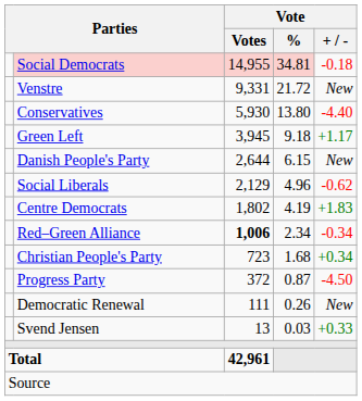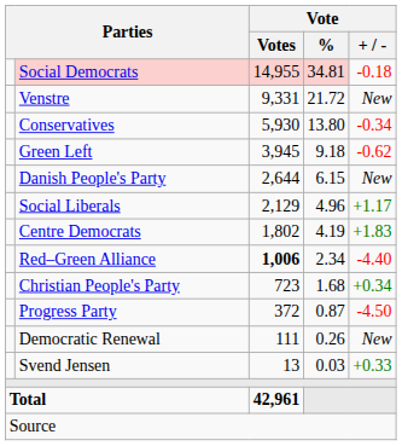 <table class="wikitable" style="text-align:right;">
 <tr>
 <th style="text-align:centre;" rowspan="2" colspan="2" width="225">Parties</th>
 <th colspan="3">Vote</th>
 </tr>
 <tr>
 <th width="15">Votes</th>
 <th width="15">%</th>
 <th width="15">+ / -</th>
 </tr>
 <tr>
 <td width="2" style="color:inherit;background:"></td>
 <td bgcolor=#fbd0ce  align="left"><a href='#'>Social Democrats</a></td>
 <td bgcolor=#fbd0ce>14,955</td>
 <td bgcolor=#fbd0ce>34.81</td>
 <td style=color:red;>-0.18</td>
 </tr>
 <tr>
 <td width="2" style="color:inherit;background:"></td>
 <td align="left"><a href='#'>Venstre</a></td>
 <td>9,331</td>
 <td>21.72</td>
 <td><em>New</em></td>
 </tr>
 <tr>
 <td width="2" style="color:inherit;background:"></td>
 <td align="left"><a href='#'>Conservatives</a></td>
 <td>5,930</td>
 <td>13.80</td>
-<td style=color:red;>-4.40</td>
+<td style=color:red;>-0.34</td>
 </tr>
 <tr>
 <td width="2" style="color:inherit;background:"></td>
 <td align="left"><a href='#'>Green Left</a></td>
 <td>3,945</td>
 <td>9.18</td>
-<td style=color:green;>+1.17</td>
+<td style=color:red;>-0.62</td>
 </tr>
 <tr>
 <td width="2" style="color:inherit;background:"></td>
 <td align="left"><a href='#'>Danish People's Party</a></td>
 <td>2,644</td>
 <td>6.15</td>
 <td><em>New</em></td>
 </tr>
 <tr>
 <td width="2" style="color:inherit;background:"></td>
 <td align="left"><a href='#'>Social Liberals</a></td>
 <td>2,129</td>
 <td>4.96</td>
-<td style=color:red;>-0.62</td>
+<td style=color:green;>+1.17</td>
 </tr>
 <tr>
 <td width="2" style="color:inherit;background:"></td>
 <td align="left"><a href='#'>Centre Democrats</a></td>
 <td>1,802</td>
 <td>4.19</td>
 <td style=color:green;>+1.83</td>
 </tr>
 <tr>
 <td width="2" style="color:inherit;background:"></td>
 <td align="left"><a href='#'>Red–Green Alliance</a></td>
 <td><strong>1,006</strong></td>
 <td>2.34</td>
-<td style=color:red;>-0.34</td>
+<td style=color:red;>-4.40</td>
 </tr>
 <tr>
 <td width="2" style="color:inherit;background:"></td>
 <td align="left"><a href='#'>Christian People's Party</a></td>
 <td>723</td>
 <td>1.68</td>
 <td style=color:green;>+0.34</td>
 </tr>
 <tr>
 <td width="2" style="color:inherit;background:"></td>
 <td align="left"><a href='#'>Progress Party</a></td>
 <td>372</td>
 <td>0.87</td>
 <td style=color:red;>-4.50</td>
 </tr>
 <tr>
 <td width="2" style="color:inherit;background:"></td>
 <td align="left">Democratic Renewal</td>
 <td>111</td>
 <td>0.26</td>
 <td><em>New</em></td>
 </tr>
 <tr>
 <td width="2" style="color:inherit;background:"></td>
 <td align="left">Svend Jensen</td>
 <td>13</td>
 <td>0.03</td>
 <td style=color:green;>+0.33</td>
 </tr>
 <tr>
 <td colspan="7" bgcolor="#E9E9E9"></td>
 </tr>
 <tr>
 <td align="left" colspan="2"><strong>Total</strong></td>
 <td><strong>42,961</strong></td>
 <td bgcolor="#E9E9E9" colspan="2"></td>
 </tr>
 <tr>
 <td align="left" colspan="6">Source</td>
 </tr>
 </table>
